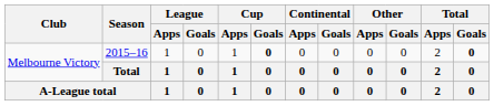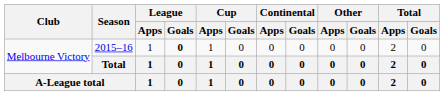 <table class="wikitable" border="1" style="font-size:100%; text-align: center;">
 <tr>
 <th rowspan="2">Club</th>
 <th rowspan="2">Season</th>
 <th colspan="2">League</th>
 <th colspan="2">Cup</th>
 <th colspan="2">Continental</th>
 <th colspan="2">Other</th>
 <th colspan="2">Total</th>
 </tr>
 <tr>
 <th>Apps</th>
 <th>Goals</th>
 <th>Apps</th>
 <th>Goals</th>
 <th>Apps</th>
 <th>Goals</th>
 <th>Apps</th>
 <th>Goals</th>
 <th>Apps</th>
 <th>Goals</th>
 </tr>
 <tr>
 <td rowspan="2" valign="middle"><a href='#'>Melbourne Victory</a></td>
 <td><a href='#'>2015–16</a></td>
 <td>1</td>
+<td><strong>0</strong></td>
+<td>1</td>
 <td>0</td>
-<td>1</td>
-<td><strong>0</strong></td>
 <td>0</td>
 <td>0</td>
 <td>0</td>
 <td>0</td>
 <td>2</td>
-<td><strong>0</strong></td>
+<td>0</td>
 </tr>
 <tr>
 <th>Total</th>
 <th>1</th>
 <th>0</th>
 <th>1</th>
 <th>0</th>
 <th>0</th>
 <th>0</th>
 <th>0</th>
 <th>0</th>
 <th>2</th>
 <th>0</th>
 </tr>
 <tr>
 <th colspan="2">A-League total</th>
 <th>1</th>
 <th>0</th>
 <th>1</th>
 <th>0</th>
 <th>0</th>
 <th>0</th>
 <th>0</th>
 <th>0</th>
 <th>2</th>
 <th>0</th>
 </tr>
 </table>
